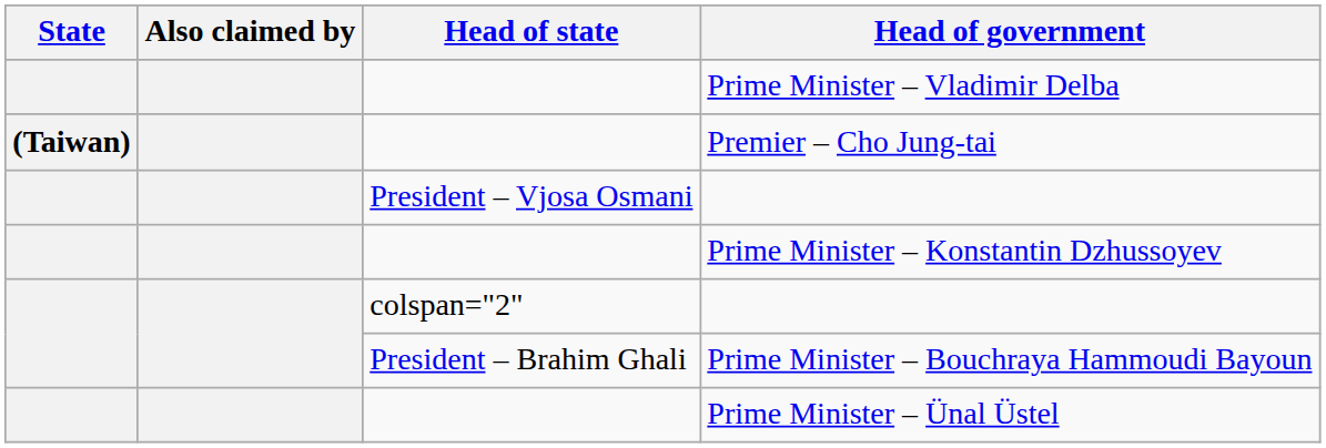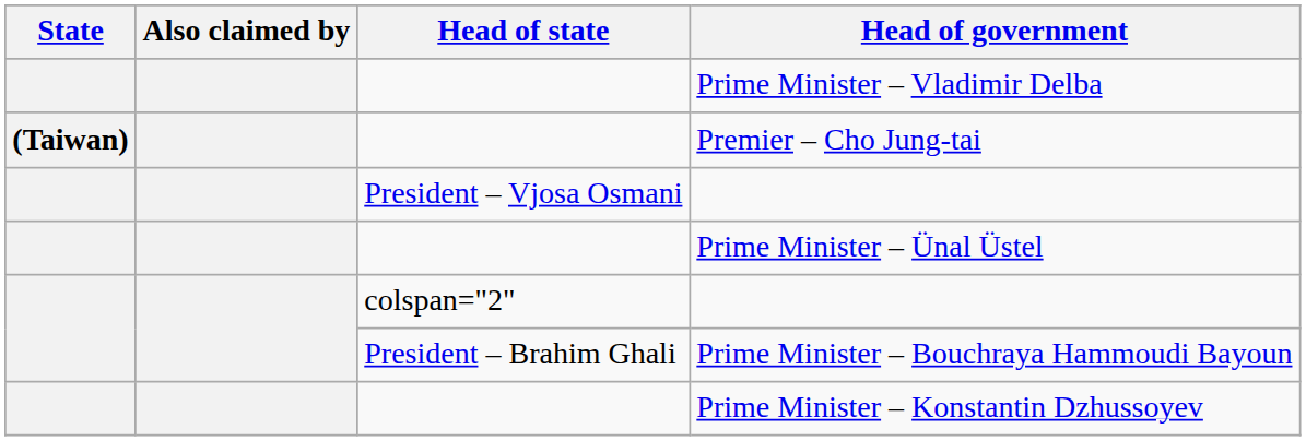 <table class="wikitable plainrowheaders" style="line-height:1.3em; max-width:1200px">
 <tr>
 <th><a href='#'>State</a></th>
 <th>Also claimed by</th>
 <th><a href='#'>Head of state</a></th>
 <th><a href='#'>Head of government</a></th>
 </tr>
 <tr>
 <th scope="row"></th>
 <th scope="row"></th>
 <td></td>
 <td><a href='#'>Prime Minister</a> – <a href='#'>Vladimir Delba</a></td>
 </tr>
 <tr>
 <th scope="row"> (Taiwan)</th>
 <th scope="row"></th>
 <td></td>
 <td><a href='#'>Premier</a> – <a href='#'>Cho Jung-tai</a></td>
 </tr>
 <tr>
 <th scope="row"></th>
 <th scope="row"></th>
 <td><a href='#'>President</a> – <a href='#'>Vjosa Osmani</a></td>
 <td></td>
 </tr>
 <tr>
 <th scope="row"></th>
 <th scope="row"></th>
 <td></td>
-<td><a href='#'>Prime Minister</a> – <a href='#'>Konstantin Dzhussoyev</a></td>
+<td><a href='#'>Prime Minister</a> – <a href='#'>Ünal Üstel</a></td>
 </tr>
 <tr>
 <th scope="row" rowspan="2"></th>
 <th scope="row" rowspan="2"></th>
 <td>colspan="2" </td>
 </tr>
 <tr>
 <td><a href='#'>President</a> – Brahim Ghali</td>
 <td><a href='#'>Prime Minister</a> – <a href='#'>Bouchraya Hammoudi Bayoun</a></td>
 </tr>
 <tr>
 <th scope="row"></th>
 <th scope="row"></th>
 <td></td>
-<td><a href='#'>Prime Minister</a> – <a href='#'>Ünal Üstel</a></td>
+<td><a href='#'>Prime Minister</a> – <a href='#'>Konstantin Dzhussoyev</a></td>
 </tr>
 </table>
